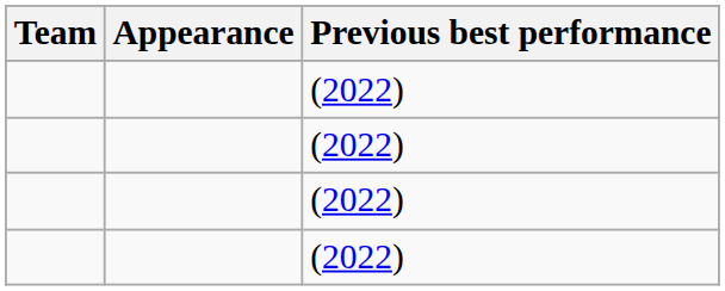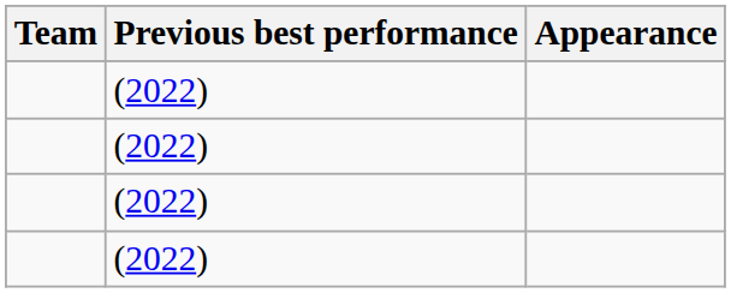 <table class="wikitable sortable">
 <tr>
 <th>Team</th>
+<th>Previous best performance</th>
 <th data-sort-type="number">Appearance</th>
-<th>Previous best performance</th>
 </tr>
 <tr>
 <td></td>
+<td> (<a href='#'>2022</a>)</td>
 <td style="text-align:center"></td>
-<td> (<a href='#'>2022</a>)</td>
 </tr>
 <tr>
 <td></td>
+<td> (<a href='#'>2022</a>)</td>
 <td style="text-align:center"></td>
-<td> (<a href='#'>2022</a>)</td>
 </tr>
 <tr>
 <td></td>
+<td> (<a href='#'>2022</a>)</td>
 <td style="text-align:center"></td>
-<td> (<a href='#'>2022</a>)</td>
 </tr>
 <tr>
 <td></td>
+<td> (<a href='#'>2022</a>)</td>
 <td style="text-align:center"></td>
-<td> (<a href='#'>2022</a>)</td>
 </tr>
 </table>
